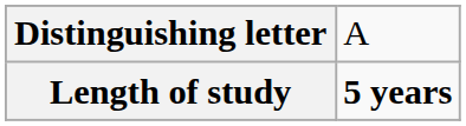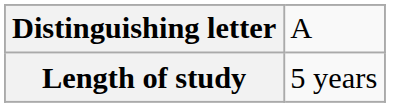 <table class="wikitable">
 <tr>
 <th>Distinguishing letter</th>
 <td>A</td>
 </tr>
 <tr>
 <th>Length of study</th>
-<td><strong>5 years</strong></td>
+<td>5 years</td>
 </tr>
 </table>
